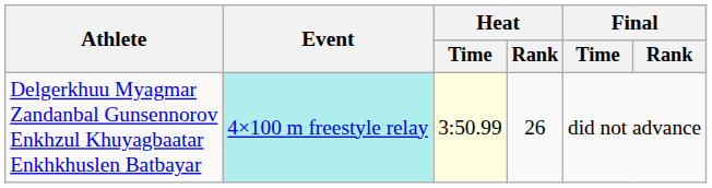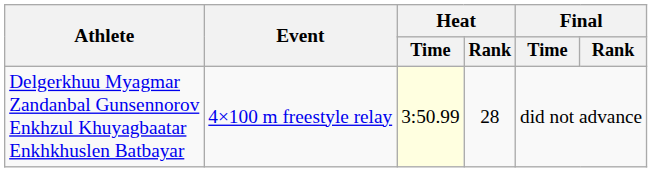 <table class="wikitable" style="text-align:center; font-size:90%">
 <tr>
 <th rowspan=2>Athlete</th>
 <th rowspan=2>Event</th>
 <th colspan=2>Heat</th>
 <th colspan=2>Final</th>
 </tr>
 <tr style="font-size:95%">
 <th>Time</th>
 <th>Rank</th>
 <th>Time</th>
 <th>Rank</th>
 </tr>
 <tr>
 <td align=left><a href='#'>Delgerkhuu Myagmar</a><br><a href='#'>Zandanbal Gunsennorov</a><br><a href='#'>Enkhzul Khuyagbaatar</a><br><a href='#'>Enkhkhuslen Batbayar</a></td>
-<td align=left style="background: paleturquoise;"><a href='#'>4×100 m freestyle relay</a></td>
+<td align=left><a href='#'>4×100 m freestyle relay</a></td>
 <td style="background: lightyellow;">3:50.99</td>
-<td>26</td>
+<td>28</td>
 <td colspan=2>did not advance</td>
 </tr>
 </table>
